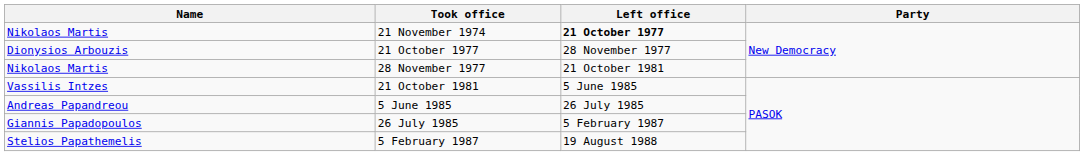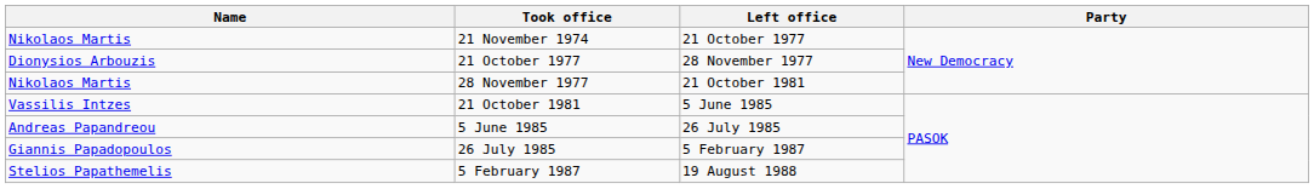 <table class="wikitable">
 <tr>
 <th width="20%">Name</th>
 <th width="10%">Took office</th>
 <th width="10%">Left office</th>
 <th width="18%">Party</th>
 </tr>
 <tr>
 <td><a href='#'>Nikolaos Martis</a></td>
 <td>21 November 1974</td>
-<td><strong>21 October 1977</strong></td>
+<td>21 October 1977</td>
 <td rowspan=3><a href='#'>New Democracy</a></td>
 </tr>
 <tr>
 <td><a href='#'>Dionysios Arbouzis</a></td>
 <td>21 October 1977</td>
 <td>28 November 1977</td>
 </tr>
 <tr>
 <td><a href='#'>Nikolaos Martis</a></td>
 <td>28 November 1977</td>
 <td>21 October 1981</td>
 </tr>
 <tr>
 <td><a href='#'>Vassilis Intzes</a></td>
 <td>21 October 1981</td>
 <td>5 June 1985</td>
 <td rowspan=4><a href='#'>PASOK</a></td>
 </tr>
 <tr>
 <td><a href='#'>Andreas Papandreou</a></td>
 <td>5 June 1985</td>
 <td>26 July 1985</td>
 </tr>
 <tr>
 <td><a href='#'>Giannis Papadopoulos</a></td>
 <td>26 July 1985</td>
 <td>5 February 1987</td>
 </tr>
 <tr>
 <td><a href='#'>Stelios Papathemelis</a></td>
 <td>5 February 1987</td>
 <td>19 August 1988</td>
 </tr>
 </table>
